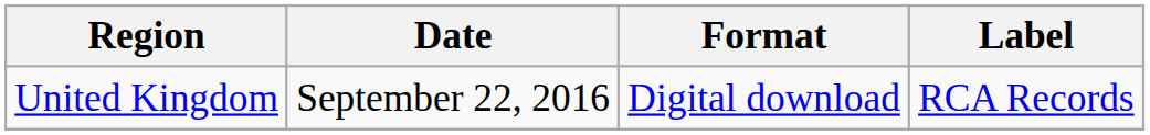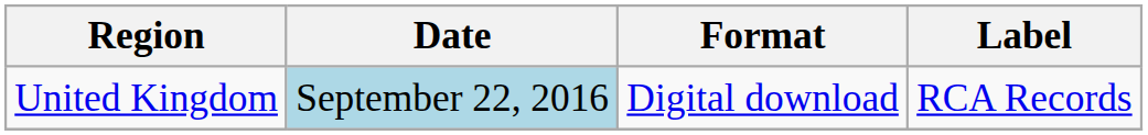 <table class=wikitable>
 <tr>
 <th>Region</th>
 <th>Date</th>
 <th>Format</th>
 <th>Label</th>
 </tr>
 <tr>
 <td><a href='#'>United Kingdom</a></td>
-<td>September 22, 2016</td>
+<td style="background: lightblue;">September 22, 2016</td>
 <td><a href='#'>Digital download</a></td>
 <td><a href='#'>RCA Records</a></td>
 </tr>
 <tr>
 </tr>
 </table>
